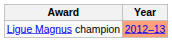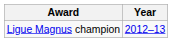 <table class="wikitable">
 <tr>
 <th>Award</th>
 <th>Year</th>
 </tr>
 <tr>
 <td><a href='#'>Ligue Magnus</a> champion</td>
-<td style="background: lightsalmon;"><a href='#'>2012–13</a></td>
+<td><a href='#'>2012–13</a></td>
 </tr>
 </table>
